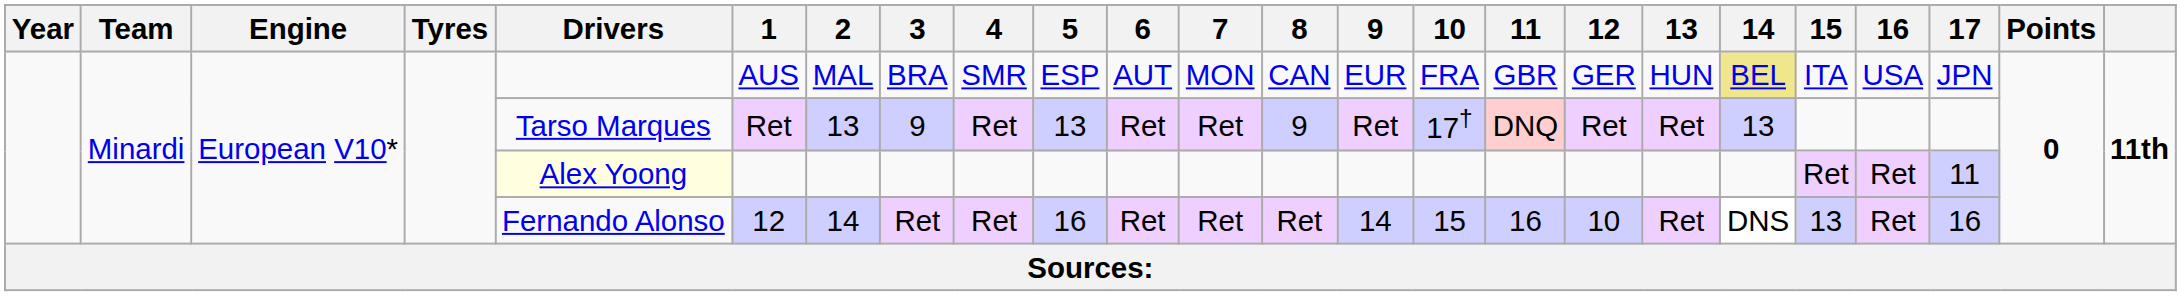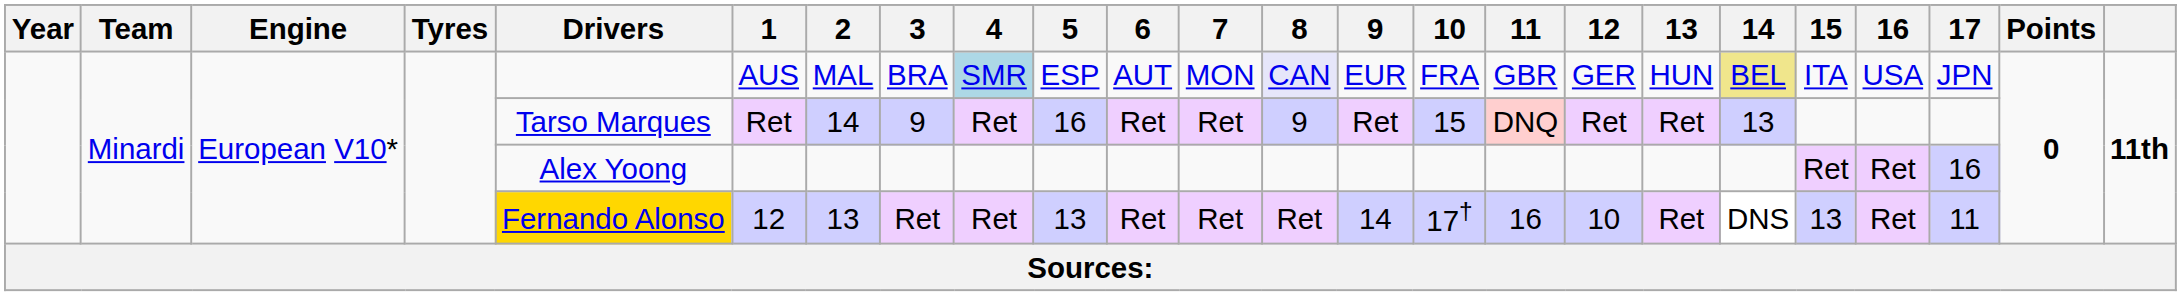 <table class="wikitable" style="text-align:center; font-size:95%">
 <tr>
 <th scope="col">Year</th>
 <th scope="col">Team</th>
 <th scope="col">Engine</th>
 <th scope="col">Tyres</th>
 <th scope="col">Drivers</th>
 <th scope="col">1</th>
 <th scope="col">2</th>
 <th scope="col">3</th>
 <th scope="col">4</th>
 <th scope="col">5</th>
 <th scope="col">6</th>
 <th scope="col">7</th>
 <th scope="col">8</th>
 <th scope="col">9</th>
 <th scope="col">10</th>
 <th scope="col">11</th>
 <th scope="col">12</th>
 <th scope="col">13</th>
 <th scope="col">14</th>
 <th scope="col">15</th>
 <th scope="col">16</th>
 <th scope="col">17</th>
 <th scope="col">Points</th>
 <th scope="col"></th>
 </tr>
 <tr>
 <td rowspan="4"></td>
 <td rowspan="4"><a href='#'>Minardi</a></td>
 <td rowspan="4"><a href='#'>European</a> <a href='#'>V10</a>*</td>
 <td rowspan="4"></td>
 <td></td>
 <td><a href='#'>AUS</a></td>
 <td><a href='#'>MAL</a></td>
 <td><a href='#'>BRA</a></td>
-<td><a href='#'>SMR</a></td>
+<td style="background: lightblue;"><a href='#'>SMR</a></td>
 <td><a href='#'>ESP</a></td>
 <td><a href='#'>AUT</a></td>
 <td><a href='#'>MON</a></td>
-<td><a href='#'>CAN</a></td>
+<td style="background: lavender;"><a href='#'>CAN</a></td>
 <td><a href='#'>EUR</a></td>
 <td><a href='#'>FRA</a></td>
 <td><a href='#'>GBR</a></td>
 <td><a href='#'>GER</a></td>
 <td><a href='#'>HUN</a></td>
 <td style="background: khaki;"><a href='#'>BEL</a></td>
 <td><a href='#'>ITA</a></td>
 <td><a href='#'>USA</a></td>
 <td><a href='#'>JPN</a></td>
 <td rowspan="4"><strong>0</strong></td>
 <td rowspan="4"><strong>11th</strong></td>
 </tr>
 <tr>
 <td> <a href='#'>Tarso Marques</a></td>
 <td style="background:#EFCFFF;">Ret</td>
-<td style="background:#CFCFFF;">13</td>
+<td style="background:#CFCFFF;">14</td>
 <td style="background:#CFCFFF;">9</td>
 <td style="background:#EFCFFF;">Ret</td>
-<td style="background:#CFCFFF;">13</td>
+<td style="background:#CFCFFF;">16</td>
 <td style="background:#EFCFFF;">Ret</td>
 <td style="background:#EFCFFF;">Ret</td>
 <td style="background:#CFCFFF;">9</td>
 <td style="background:#EFCFFF;">Ret</td>
-<td style="background:#CFCFFF;">17<sup>†</sup></td>
+<td style="background:#CFCFFF;">15</td>
 <td style="background:#FFCFCF;">DNQ</td>
 <td style="background:#EFCFFF;">Ret</td>
 <td style="background:#EFCFFF;">Ret</td>
 <td style="background:#CFCFFF;">13</td>
 <td></td>
 <td></td>
 <td></td>
 </tr>
 <tr>
-<td style="background: lightyellow;"> <a href='#'>Alex Yoong</a></td>
+<td> <a href='#'>Alex Yoong</a></td>
 <td></td>
 <td></td>
 <td></td>
 <td></td>
 <td></td>
 <td></td>
 <td></td>
 <td></td>
 <td></td>
 <td></td>
 <td></td>
 <td></td>
 <td></td>
 <td></td>
 <td style="background:#EFCFFF;">Ret</td>
 <td style="background:#EFCFFF;">Ret</td>
-<td style="background:#CFCFFF;">11</td>
+<td style="background:#CFCFFF;">16</td>
 </tr>
 <tr>
-<td> <a href='#'>Fernando Alonso</a></td>
+<td style="background: gold;"> <a href='#'>Fernando Alonso</a></td>
 <td style="background:#CFCFFF;">12</td>
-<td style="background:#CFCFFF;">14</td>
+<td style="background:#CFCFFF;">13</td>
 <td style="background:#EFCFFF;">Ret</td>
 <td style="background:#EFCFFF;">Ret</td>
-<td style="background:#CFCFFF;">16</td>
+<td style="background:#CFCFFF;">13</td>
 <td style="background:#EFCFFF;">Ret</td>
 <td style="background:#EFCFFF;">Ret</td>
 <td style="background:#EFCFFF;">Ret</td>
 <td style="background:#CFCFFF;">14</td>
-<td style="background:#CFCFFF;">15</td>
+<td style="background:#CFCFFF;">17<sup>†</sup></td>
 <td style="background:#CFCFFF;">16</td>
 <td style="background:#CFCFFF;">10</td>
 <td style="background:#EFCFFF;">Ret</td>
 <td style="background:#FFFFFF;">DNS</td>
 <td style="background:#CFCFFF;">13</td>
 <td style="background:#EFCFFF;">Ret</td>
-<td style="background:#CFCFFF;">16</td>
+<td style="background:#CFCFFF;">11</td>
 </tr>
 <tr>
 <th colspan="24">Sources:</th>
 </tr>
 </table>
